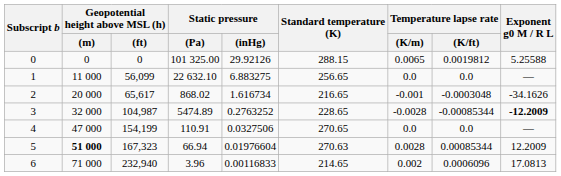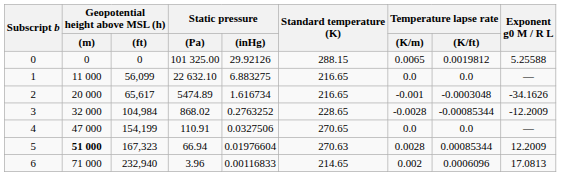 <table class="wikitable" style="text-align: center">
 <tr>
 <th rowspan="2">Subscript <em>b</em></th>
 <th colspan="2">Geopotential<br>height above MSL (h)</th>
 <th colspan="2">Static pressure</th>
 <th rowspan="2">Standard temperature<br> (K)</th>
 <th colspan="2">Temperature lapse rate</th>
 <th rowspan="2">Exponent <br> g0 M / R L</th>
 </tr>
 <tr>
 <th>(m)</th>
 <th>(ft)</th>
 <th>(Pa)</th>
 <th>(inHg)</th>
 <th>(K/m)</th>
 <th>(K/ft)</th>
 </tr>
 <tr>
 <td>0</td>
 <td>0</td>
 <td>0</td>
 <td>101 325.00</td>
 <td>29.92126</td>
 <td>288.15</td>
 <td>0.0065</td>
 <td>0.0019812</td>
 <td>5.25588</td>
 </tr>
 <tr>
 <td>1</td>
 <td>11 000</td>
 <td>56,099</td>
 <td>22 632.10</td>
 <td>6.883275</td>
-<td>256.65</td>
+<td>216.65</td>
 <td>0.0</td>
 <td>0.0</td>
 <td>—</td>
 </tr>
 <tr>
 <td>2</td>
 <td>20 000</td>
 <td>65,617</td>
-<td>868.02</td>
+<td>5474.89</td>
 <td>1.616734</td>
 <td>216.65</td>
 <td>-0.001</td>
 <td>-0.0003048</td>
 <td>-34.1626</td>
 </tr>
 <tr>
 <td>3</td>
 <td>32 000</td>
-<td>104,987</td>
-<td>5474.89</td>
+<td>104,984</td>
+<td>868.02</td>
 <td>0.2763252</td>
 <td>228.65</td>
 <td>-0.0028</td>
 <td>-0.00085344</td>
-<td><strong>-12.2009</strong></td>
+<td>-12.2009</td>
 </tr>
 <tr>
 <td>4</td>
 <td>47 000</td>
 <td>154,199</td>
 <td>110.91</td>
 <td>0.0327506</td>
 <td>270.65</td>
 <td>0.0</td>
 <td>0.0</td>
 <td>—</td>
 </tr>
 <tr>
 <td>5</td>
 <td><strong>51 000</strong></td>
 <td>167,323</td>
 <td>66.94</td>
 <td>0.01976604</td>
 <td>270.63</td>
 <td>0.0028</td>
 <td>0.00085344</td>
 <td>12.2009</td>
 </tr>
 <tr>
 <td>6</td>
 <td>71 000</td>
 <td>232,940</td>
 <td>3.96</td>
 <td>0.00116833</td>
 <td>214.65</td>
 <td>0.002</td>
 <td>0.0006096</td>
 <td>17.0813</td>
 </tr>
 </table>
